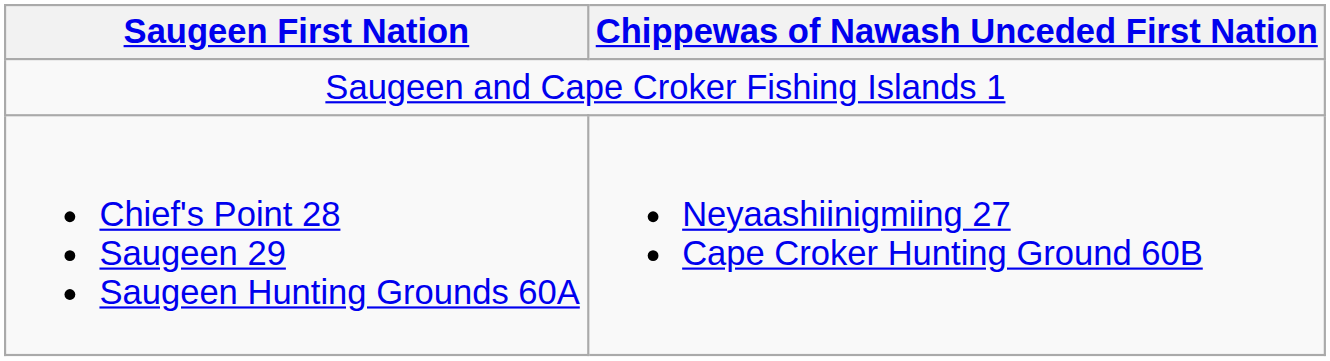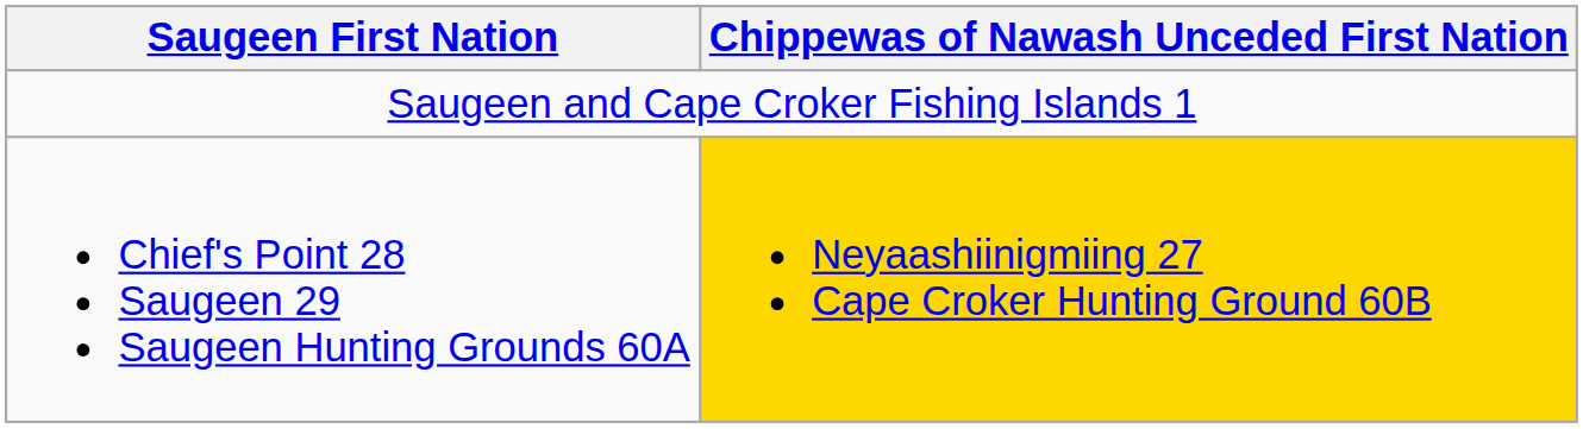 <table class="wikitable">
 <tr>
 <th><a href='#'>Saugeen First Nation</a></th>
 <th><a href='#'>Chippewas of Nawash Unceded First Nation</a></th>
 </tr>
 <tr>
 <td colspan = "2" align=center><a href='#'>Saugeen and Cape Croker Fishing Islands 1</a></td>
 </tr>
 <tr valign = "top">
 <td><br><ul><li><a href='#'>Chief's Point 28</a></li><li><a href='#'>Saugeen 29</a></li><li><a href='#'>Saugeen Hunting Grounds 60A</a></li></ul></td>
-<td><br><ul><li><a href='#'>Neyaashiinigmiing 27</a></li><li><a href='#'>Cape Croker Hunting Ground 60B</a></li></ul></td>
+<td style="background: gold;"><br><ul><li><a href='#'>Neyaashiinigmiing 27</a></li><li><a href='#'>Cape Croker Hunting Ground 60B</a></li></ul></td>
 </tr>
 </table>
